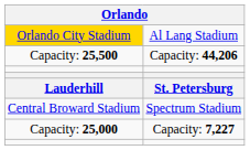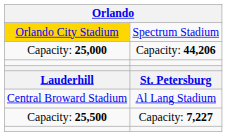 <table class="wikitable" style="text-align:center">
 <tr>
 <th colspan="2"><a href='#'>Orlando</a></th>
 </tr>
 <tr>
 <td style="background: gold;"><a href='#'>Orlando City Stadium</a></td>
-<td><a href='#'>Al Lang Stadium</a></td>
+<td><a href='#'>Spectrum Stadium</a></td>
 </tr>
 <tr>
-<td>Capacity: <strong>25,500</strong></td>
+<td>Capacity: <strong>25,000</strong></td>
 <td>Capacity: <strong>44,206</strong></td>
 </tr>
 <tr>
 <td></td>
 <td></td>
 </tr>
 <tr>
 <th></th>
 <th></th>
 </tr>
 <tr>
 <th><a href='#'>Lauderhill</a></th>
 <th><a href='#'>St. Petersburg</a></th>
 </tr>
 <tr>
 <td><a href='#'>Central Broward Stadium</a></td>
-<td><a href='#'>Spectrum Stadium</a></td>
+<td><a href='#'>Al Lang Stadium</a></td>
 </tr>
 <tr>
-<td>Capacity: <strong>25,000</strong></td>
+<td>Capacity: <strong>25,500</strong></td>
 <td>Capacity: <strong>7,227</strong></td>
 </tr>
 <tr>
 <td></td>
 <td></td>
 </tr>
 </table>
